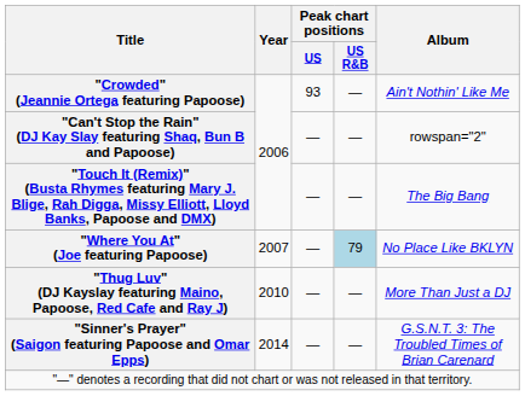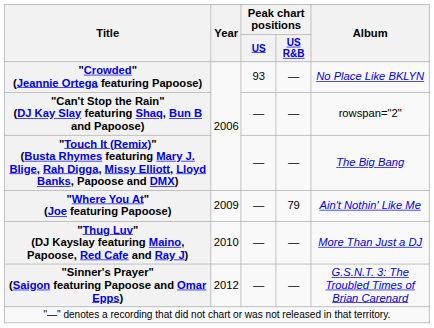 <table class="wikitable plainrowheaders" style="text-align:center;">
 <tr>
 <th scope="col" rowspan="2" style="width:18em;">Title</th>
 <th scope="col" rowspan="2">Year</th>
 <th scope="col" colspan="2">Peak chart positions</th>
 <th scope="col" rowspan="2">Album</th>
 </tr>
 <tr>
 <th scope="col" style="width:3em;font-size:90%;"><a href='#'>US</a><br></th>
 <th scope="col" style="width:3em;font-size:90%;"><a href='#'>US<br> R&B</a><br></th>
 </tr>
 <tr>
 <th scope="row">"<a href='#'>Crowded</a>"<br><span>(<a href='#'>Jeannie Ortega</a> featuring Papoose)</span></th>
 <td rowspan="3">2006</td>
 <td>93</td>
 <td>—</td>
-<td><em><a href='#'>Ain't Nothin' Like Me</a></em></td>
+<td><em><a href='#'>No Place Like BKLYN</a></em></td>
 </tr>
 <tr>
 <th scope="row">"Can't Stop the Rain"<br><span>(<a href='#'>DJ Kay Slay</a> featuring <a href='#'>Shaq</a>, <a href='#'>Bun B</a> and Papoose)</span></th>
 <td>—</td>
 <td>—</td>
 <td>rowspan="2" </td>
 </tr>
 <tr>
 <th scope="row">"<a href='#'>Touch It (Remix)</a>"<br><span>(<a href='#'>Busta Rhymes</a> featuring <a href='#'>Mary J. Blige</a>, <a href='#'>Rah Digga</a>, <a href='#'>Missy Elliott</a>, <a href='#'>Lloyd Banks</a>, Papoose and <a href='#'>DMX</a>)</span></th>
 <td>—</td>
 <td>—</td>
 <td><em><a href='#'>The Big Bang</a></em></td>
 </tr>
 <tr>
 <th scope="row">"<a href='#'>Where You At</a>"<br><span>(<a href='#'>Joe</a> featuring Papoose)</span></th>
-<td>2007</td>
+<td>2009</td>
 <td>—</td>
-<td style="background: lightblue;">79</td>
-<td><em><a href='#'>No Place Like BKLYN</a></em></td>
+<td>79</td>
+<td><em><a href='#'>Ain't Nothin' Like Me</a></em></td>
 </tr>
 <tr>
 <th scope="row">"<a href='#'>Thug Luv</a>"<br><span>(DJ Kayslay featuring <a href='#'>Maino</a>, Papoose, <a href='#'>Red Cafe</a> and <a href='#'>Ray J</a>)</span></th>
 <td>2010</td>
 <td>—</td>
 <td>—</td>
 <td><em><a href='#'>More Than Just a DJ</a></em></td>
 </tr>
 <tr>
 <th scope="row">"Sinner's Prayer"<br><span>(<a href='#'>Saigon</a> featuring Papoose and <a href='#'>Omar Epps</a>)</span></th>
-<td>2014</td>
+<td>2012</td>
 <td>—</td>
 <td>—</td>
 <td><em><a href='#'>G.S.N.T. 3: The Troubled Times of Brian Carenard</a></em></td>
 </tr>
 <tr>
 <td colspan="13" style="font-size:90%">"—" denotes a recording that did not chart or was not released in that territory.</td>
 </tr>
 </table>
